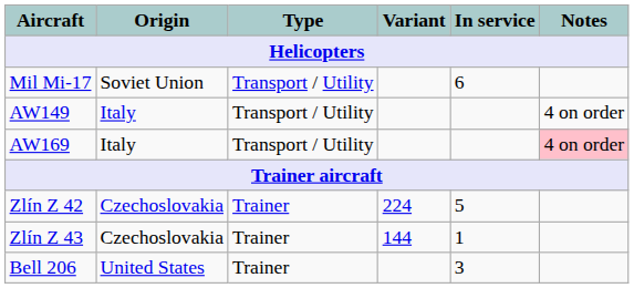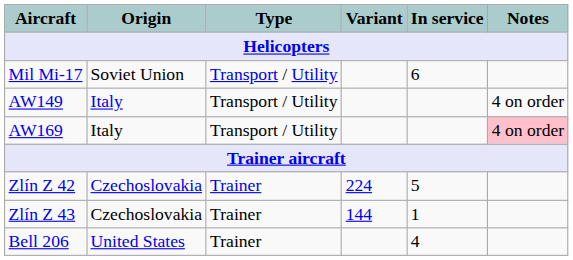 <table class="wikitable">
 <tr>
 <th style="text-align:center; background:#acc;">Aircraft</th>
 <th style="text-align: center; background:#acc;">Origin</th>
 <th style="text-align:l center; background:#acc;">Type</th>
 <th style="text-align:left; background:#acc;">Variant</th>
 <th style="text-align:center; background:#acc;">In service</th>
 <th style="text-align: center; background:#acc;">Notes</th>
 </tr>
 <tr>
 <th style="align: center; background: lavender;" colspan="7"><a href='#'>Helicopters</a></th>
 </tr>
 <tr>
 <td><a href='#'>Mil Mi-17</a></td>
 <td>Soviet Union</td>
 <td><a href='#'>Transport</a> / <a href='#'>Utility</a></td>
 <td></td>
 <td>6</td>
 <td></td>
 </tr>
 <tr>
 <td><a href='#'>AW149</a></td>
 <td><a href='#'>Italy</a></td>
 <td>Transport / Utility</td>
 <td></td>
 <td></td>
 <td>4 on order</td>
 </tr>
 <tr>
 <td><a href='#'>AW169</a></td>
 <td>Italy</td>
 <td>Transport / Utility</td>
 <td></td>
 <td></td>
 <td style="background: pink;">4 on order</td>
 </tr>
 <tr>
 <th style="align: center; background: lavender;" colspan="7"><a href='#'>Trainer aircraft</a></th>
 </tr>
 <tr>
 <td><a href='#'>Zlín Z 42</a></td>
 <td><a href='#'>Czechoslovakia</a></td>
 <td><a href='#'>Trainer</a></td>
 <td><a href='#'>224</a></td>
 <td>5</td>
 <td></td>
 </tr>
 <tr>
 <td><a href='#'>Zlín Z 43</a></td>
 <td>Czechoslovakia</td>
 <td>Trainer</td>
 <td><a href='#'>144</a></td>
 <td>1</td>
 <td></td>
 </tr>
 <tr>
 <td><a href='#'>Bell 206</a></td>
 <td><a href='#'>United States</a></td>
 <td>Trainer</td>
 <td></td>
-<td>3</td>
+<td>4</td>
 <td></td>
 </tr>
 </table>
